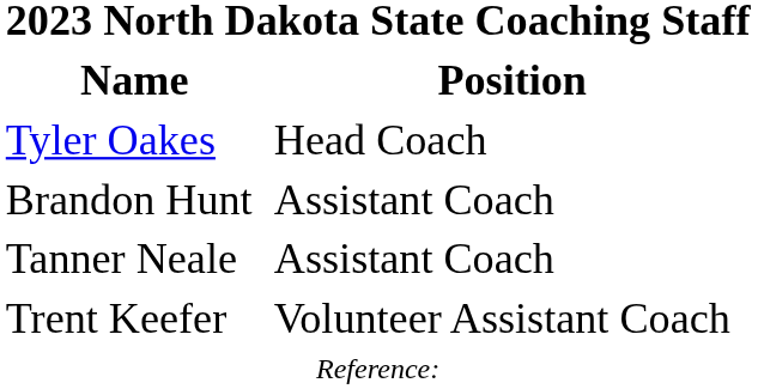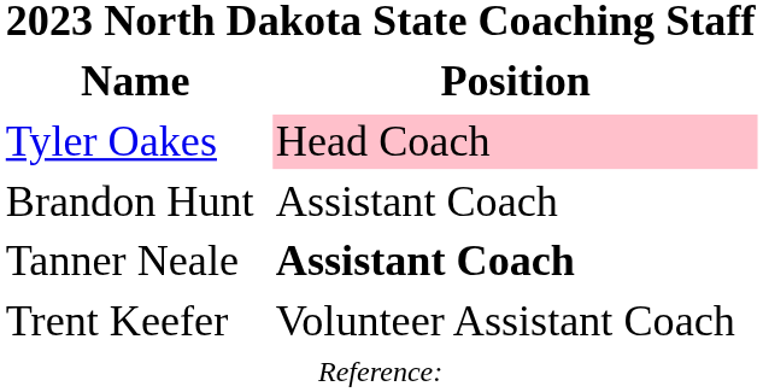 <table class="toccolours" style-"text-align: left; font-size:90;">
 <tr>
 <th colspan="9">2023 North Dakota State Coaching Staff</th>
 </tr>
 <tr>
 <th>Name</th>
 <th>Position</th>
 </tr>
 <tr>
 <td><a href='#'>Tyler Oakes</a></td>
-<td>Head Coach</td>
+<td style="background: pink;">Head Coach</td>
 </tr>
 <tr>
 <td>Brandon Hunt</td>
 <td>Assistant Coach</td>
 </tr>
 <tr>
 <td>Tanner Neale</td>
-<td>Assistant Coach</td>
+<td><strong>Assistant Coach</strong></td>
 </tr>
 <tr>
 <td>Trent Keefer</td>
 <td>Volunteer Assistant Coach</td>
 </tr>
 <tr>
 <td colspan="4" style="font-size:8pt; text-align:center;"><em>Reference:</em></td>
 </tr>
 </table>
